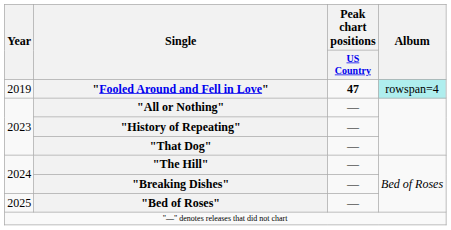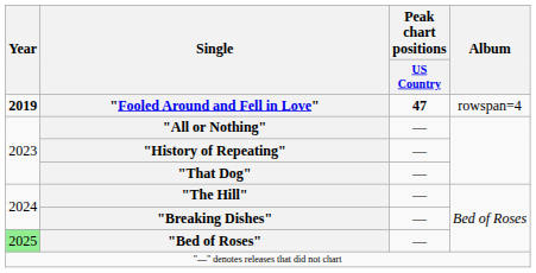 <table class="wikitable plainrowheaders" style="text-align:center;">
 <tr>
 <th rowspan="2">Year</th>
 <th rowspan="2" style="width:24em;">Single</th>
 <th colspan="1">Peak chart<br>positions</th>
 <th rowspan="2">Album</th>
 </tr>
 <tr style="font-size:smaller;">
 <th width="45"><a href='#'>US Country</a></th>
 </tr>
 <tr>
-<td>2019</td>
+<td><strong>2019</strong></td>
 <th scope="row">"<a href='#'>Fooled Around and Fell in Love</a>"<br></th>
 <td><strong>47</strong></td>
-<td style="background: paleturquoise;">rowspan=4 </td>
+<td>rowspan=4 </td>
 </tr>
 <tr>
 <td rowspan="3">2023</td>
 <th scope="row">"All or Nothing"</th>
 <td>—</td>
 </tr>
 <tr>
 <th scope="row">"History of Repeating"</th>
 <td>—</td>
 </tr>
 <tr>
 <th scope="row">"That Dog"</th>
 <td>—</td>
 </tr>
 <tr>
 <td rowspan="2">2024</td>
 <th scope="row">"The Hill"</th>
 <td>—</td>
 <td rowspan=3><em>Bed of Roses</em></td>
 </tr>
 <tr>
 <th scope="row">"Breaking Dishes"</th>
 <td>—</td>
 </tr>
 <tr>
-<td>2025</td>
+<td style="background: lightgreen;">2025</td>
 <th scope="row">"Bed of Roses"</th>
 <td>—</td>
 </tr>
 <tr>
 <td colspan="5" style="font-size:8pt">"—" denotes releases that did not chart</td>
 </tr>
 </table>
